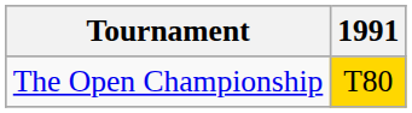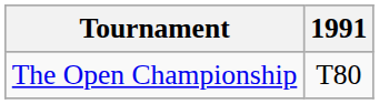 <table class="wikitable" style="font-size:95%;text-align:center;">
 <tr>
 <th>Tournament</th>
 <th>1991</th>
 </tr>
 <tr>
 <td align=left><a href='#'>The Open Championship</a></td>
-<td style="background: gold;">T80</td>
+<td>T80</td>
 </tr>
 </table>
